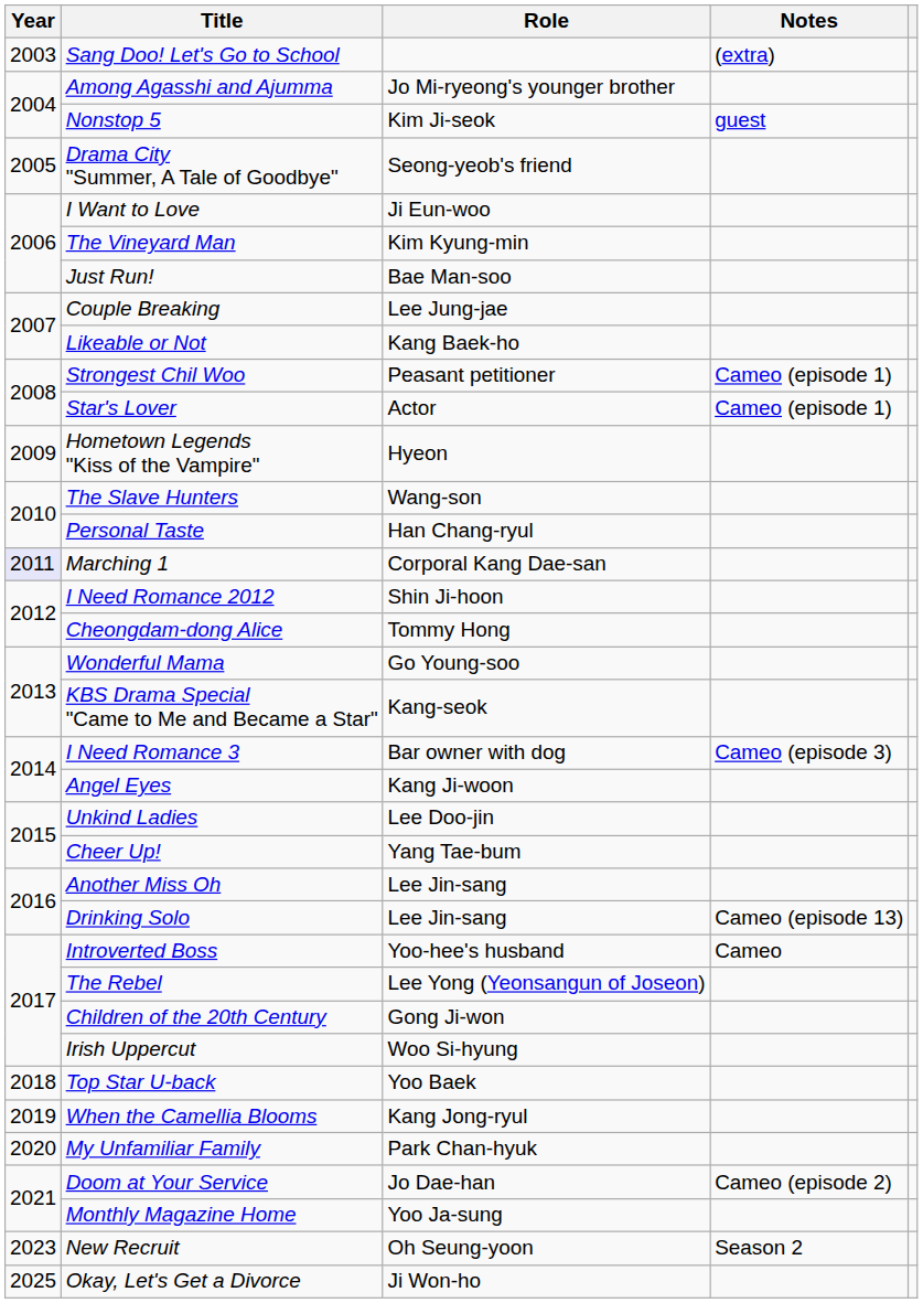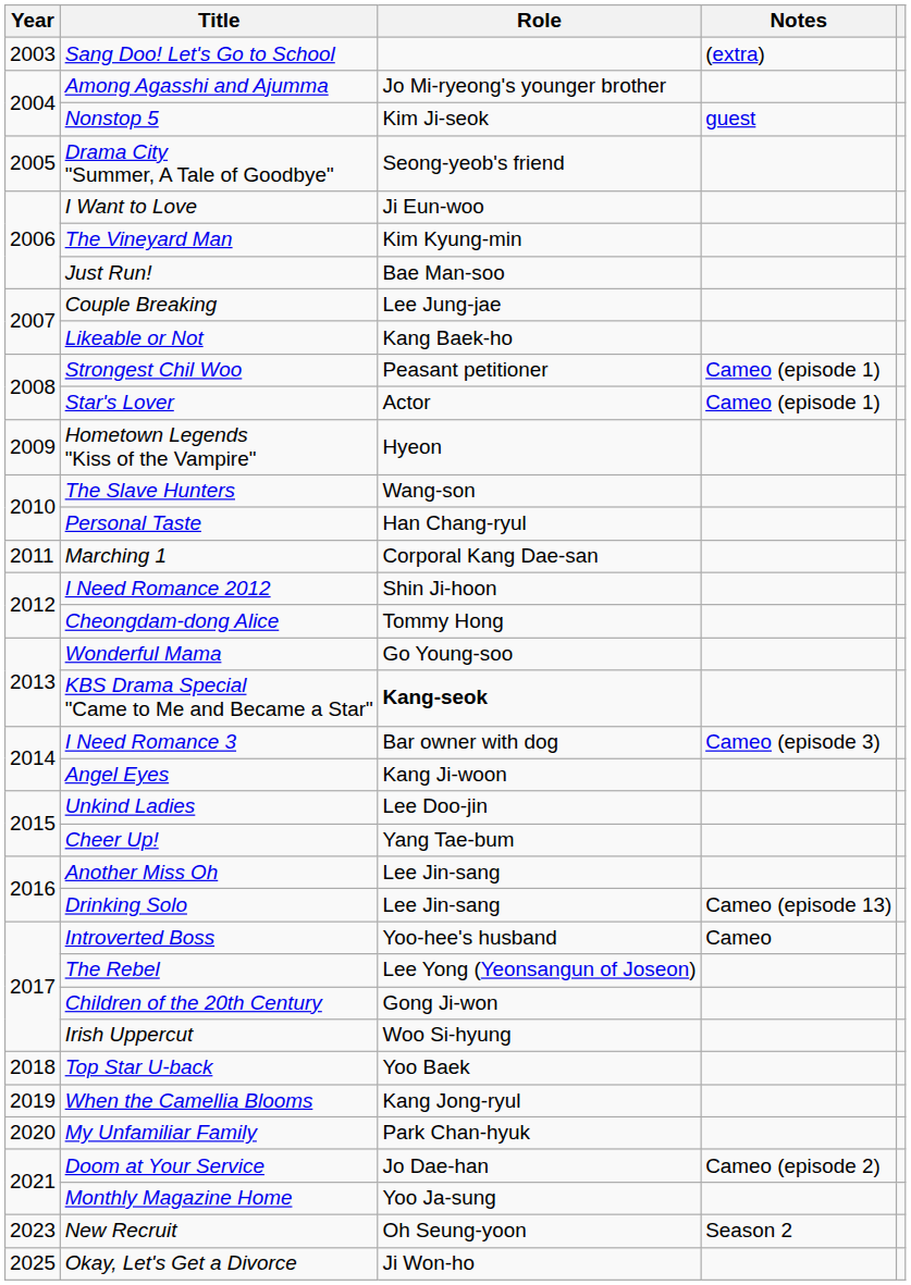 <table class="wikitable plainrowheaders sortable">
 <tr>
 <th scope="col">Year</th>
 <th scope="col">Title</th>
 <th scope="col">Role</th>
 <th scope="col">Notes</th>
 <th></th>
 </tr>
 <tr>
 <td>2003</td>
 <td><em><a href='#'>Sang Doo! Let's Go to School</a></em></td>
 <td></td>
 <td>(<a href='#'>extra</a>)</td>
 <td></td>
 </tr>
 <tr>
 <td rowspan="2">2004</td>
 <td><em><a href='#'>Among Agasshi and Ajumma</a></em></td>
 <td>Jo Mi-ryeong's younger brother</td>
 <td></td>
 <td></td>
 </tr>
 <tr>
 <td><em><a href='#'>Nonstop 5</a></em></td>
 <td>Kim Ji-seok</td>
 <td><a href='#'>guest</a></td>
 <td></td>
 </tr>
 <tr>
 <td>2005</td>
 <td><em><a href='#'>Drama City</a></em> <br> "Summer, A Tale of Goodbye" </td>
 <td>Seong-yeob's friend</td>
 <td></td>
 <td></td>
 </tr>
 <tr>
 <td rowspan="3">2006</td>
 <td><em>I Want to Love</em></td>
 <td>Ji Eun-woo</td>
 <td></td>
 <td></td>
 </tr>
 <tr>
 <td><em><a href='#'>The Vineyard Man</a></em></td>
 <td>Kim Kyung-min</td>
 <td></td>
 <td></td>
 </tr>
 <tr>
 <td><em>Just Run! </em></td>
 <td>Bae Man-soo</td>
 <td></td>
 <td></td>
 </tr>
 <tr>
 <td rowspan="2">2007</td>
 <td><em>Couple Breaking</em></td>
 <td>Lee Jung-jae</td>
 <td></td>
 <td></td>
 </tr>
 <tr>
 <td><em><a href='#'>Likeable or Not</a></em></td>
 <td>Kang Baek-ho</td>
 <td></td>
 <td></td>
 </tr>
 <tr>
 <td rowspan="2">2008</td>
 <td><em><a href='#'>Strongest Chil Woo</a></em></td>
 <td>Peasant petitioner</td>
 <td><a href='#'>Cameo</a>  (episode 1)</td>
 <td></td>
 </tr>
 <tr>
 <td><em><a href='#'>Star's Lover</a></em></td>
 <td>Actor</td>
 <td><a href='#'>Cameo</a> (episode 1)</td>
 <td></td>
 </tr>
 <tr>
 <td>2009</td>
 <td><em>Hometown Legends</em> <br> "Kiss of the Vampire" </td>
 <td>Hyeon</td>
 <td></td>
 <td></td>
 </tr>
 <tr>
 <td rowspan="2">2010</td>
 <td><em><a href='#'>The Slave Hunters</a></em></td>
 <td>Wang-son</td>
 <td></td>
 <td></td>
 </tr>
 <tr>
 <td><em><a href='#'>Personal Taste</a></em></td>
 <td>Han Chang-ryul</td>
 <td></td>
 <td></td>
 </tr>
 <tr>
-<td style="background: lavender;">2011</td>
+<td>2011</td>
 <td><em>Marching 1</em> </td>
 <td>Corporal Kang Dae-san</td>
 <td></td>
 <td></td>
 </tr>
 <tr>
 <td rowspan="2">2012</td>
 <td><em><a href='#'>I Need Romance 2012</a></em></td>
 <td>Shin Ji-hoon</td>
 <td></td>
 <td></td>
 </tr>
 <tr>
 <td><em><a href='#'>Cheongdam-dong Alice</a></em></td>
 <td>Tommy Hong</td>
 <td></td>
 <td></td>
 </tr>
 <tr>
 <td rowspan="2">2013</td>
 <td><em><a href='#'>Wonderful Mama</a></em></td>
 <td>Go Young-soo</td>
 <td></td>
 <td></td>
 </tr>
 <tr>
 <td><em><a href='#'>KBS Drama Special</a></em> <br> "Came to Me and Became a Star"</td>
-<td>Kang-seok</td>
+<td><strong>Kang-seok</strong></td>
 <td></td>
 <td></td>
 </tr>
 <tr>
 <td rowspan="2">2014</td>
 <td><em><a href='#'>I Need Romance 3</a></em></td>
 <td>Bar owner with dog</td>
 <td><a href='#'>Cameo</a> (episode 3)</td>
 <td></td>
 </tr>
 <tr>
 <td><em><a href='#'>Angel Eyes</a></em></td>
 <td>Kang Ji-woon</td>
 <td></td>
 <td></td>
 </tr>
 <tr>
 <td rowspan="2">2015</td>
 <td><em><a href='#'>Unkind Ladies</a></em></td>
 <td>Lee Doo-jin</td>
 <td></td>
 <td></td>
 </tr>
 <tr>
 <td><em><a href='#'>Cheer Up!</a></em></td>
 <td>Yang Tae-bum</td>
 <td></td>
 <td></td>
 </tr>
 <tr>
 <td rowspan="2">2016</td>
 <td><em><a href='#'>Another Miss Oh</a></em></td>
 <td>Lee Jin-sang</td>
 <td></td>
 <td></td>
 </tr>
 <tr>
 <td><em><a href='#'>Drinking Solo</a></em></td>
 <td>Lee Jin-sang</td>
 <td>Cameo (episode 13)</td>
 <td></td>
 </tr>
 <tr>
 <td rowspan="4">2017</td>
 <td><em><a href='#'>Introverted Boss</a></em></td>
 <td>Yoo-hee's husband</td>
 <td>Cameo</td>
 <td></td>
 </tr>
 <tr>
 <td><em><a href='#'>The Rebel</a></em></td>
 <td>Lee Yong (<a href='#'>Yeonsangun of Joseon</a>)</td>
 <td></td>
 <td></td>
 </tr>
 <tr>
 <td><em><a href='#'>Children of the 20th Century</a></em></td>
 <td>Gong Ji-won</td>
 <td></td>
 <td></td>
 </tr>
 <tr>
 <td><em>Irish Uppercut</em></td>
 <td>Woo Si-hyung</td>
 <td></td>
 <td></td>
 </tr>
 <tr>
 <td>2018</td>
 <td><em><a href='#'>Top Star U-back</a></em></td>
 <td>Yoo Baek</td>
 <td></td>
 <td></td>
 </tr>
 <tr>
 <td>2019</td>
 <td><em><a href='#'>When the Camellia Blooms</a></em></td>
 <td>Kang Jong-ryul</td>
 <td></td>
 <td></td>
 </tr>
 <tr>
 <td>2020</td>
 <td><em><a href='#'>My Unfamiliar Family</a></em></td>
 <td>Park Chan-hyuk</td>
 <td></td>
 <td></td>
 </tr>
 <tr>
 <td rowspan="2">2021</td>
 <td><em><a href='#'>Doom at Your Service</a></em></td>
 <td>Jo Dae-han</td>
 <td>Cameo (episode 2)</td>
 <td></td>
 </tr>
 <tr>
 <td><em><a href='#'>Monthly Magazine Home</a></em></td>
 <td>Yoo Ja-sung</td>
 <td></td>
 <td></td>
 </tr>
 <tr>
 <td>2023</td>
 <td><em>New Recruit</em></td>
 <td>Oh Seung-yoon</td>
 <td>Season 2</td>
 <td></td>
 </tr>
 <tr>
 <td>2025</td>
 <td><em>Okay, Let's Get a Divorce</em></td>
 <td>Ji Won-ho</td>
 <td></td>
 <td></td>
 </tr>
 </table>
